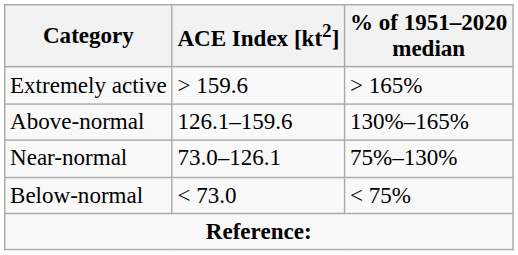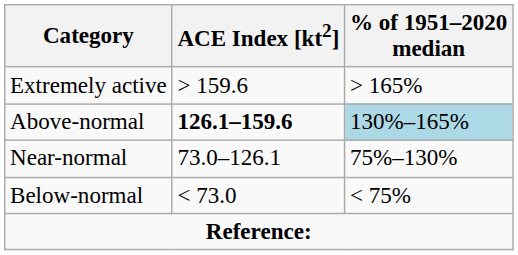 <table class="wikitable">
 <tr>
 <th>Category</th>
 <th>ACE Index [kt<sup>2</sup>]</th>
 <th>% of 1951–2020<br>median</th>
 </tr>
 <tr>
 <td>Extremely active</td>
 <td>> 159.6</td>
 <td>> 165%</td>
 </tr>
 <tr>
 <td>Above-normal</td>
-<td>126.1–159.6</td>
-<td>130%–165%</td>
+<td><strong>126.1–159.6</strong></td>
+<td style="background: lightblue;">130%–165%</td>
 </tr>
 <tr>
 <td>Near-normal</td>
 <td>73.0–126.1</td>
 <td>75%–130%</td>
 </tr>
 <tr>
 <td>Below-normal</td>
 <td>< 73.0</td>
 <td>< 75%</td>
 </tr>
 <tr>
 <td colspan=6 style="text-align:center;"><strong>Reference:</strong></td>
 </tr>
 </table>
